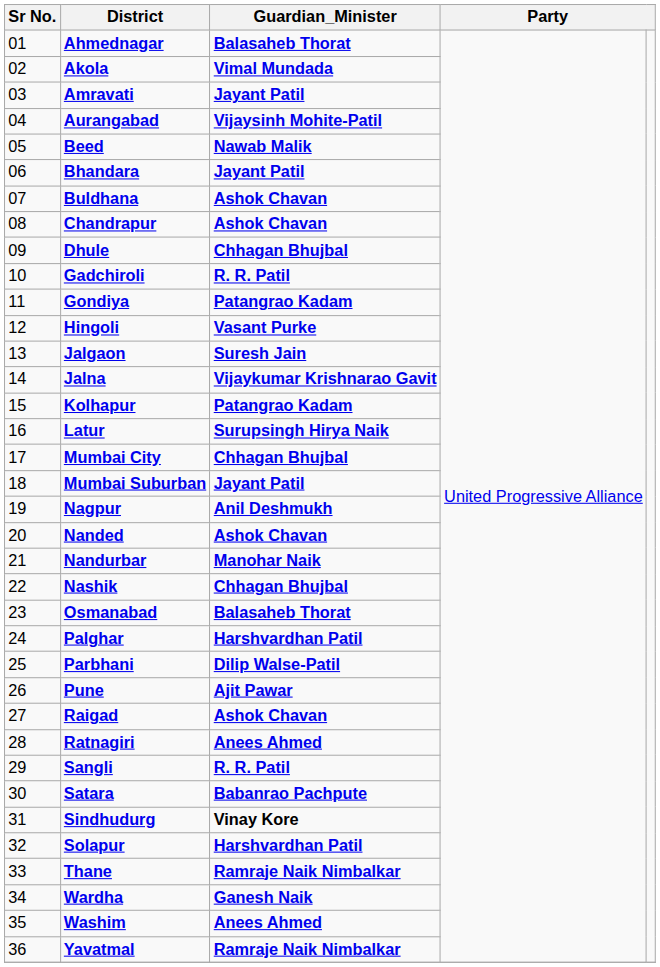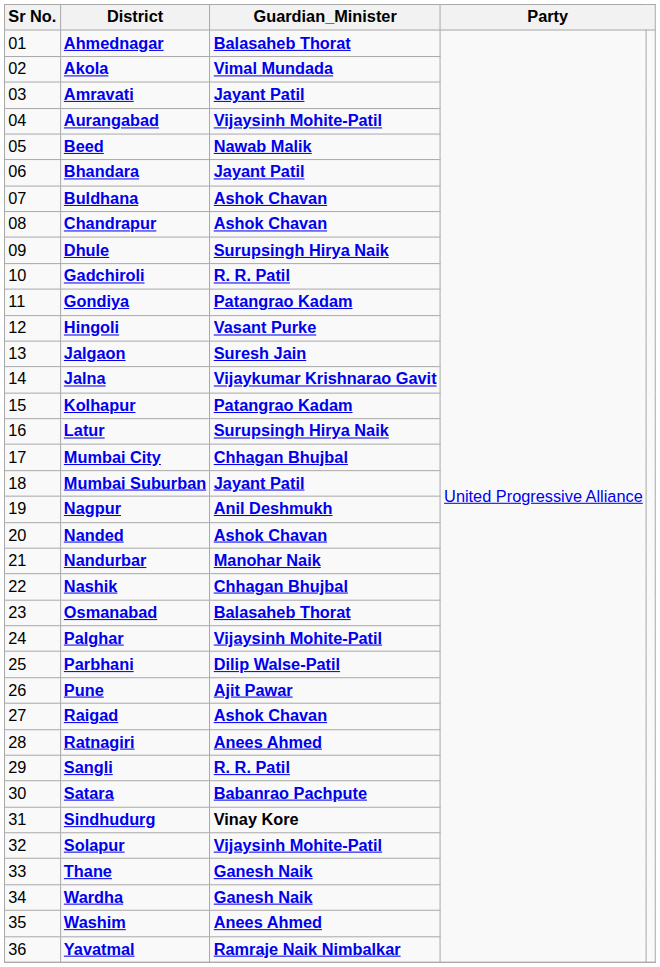 <table class="wikitable">
 <tr>
 <th>Sr No.</th>
 <th>District</th>
 <th>Guardian_Minister</th>
 <th colspan="2" scope="col">Party</th>
 </tr>
 <tr>
 <td>01</td>
 <td><strong><a href='#'>Ahmednagar</a></strong></td>
 <td><strong><a href='#'>Balasaheb Thorat</a></strong></td>
 <td rowspan=36><a href='#'>United Progressive Alliance</a></td>
 <td rowspan=36 style="width:1px; background-color: "></td>
 </tr>
 <tr>
 <td>02</td>
 <td><strong><a href='#'>Akola</a></strong></td>
 <td><strong><a href='#'>Vimal Mundada</a></strong></td>
 </tr>
 <tr>
 <td>03</td>
 <td><strong><a href='#'>Amravati</a></strong></td>
 <td><strong><a href='#'>Jayant Patil</a></strong></td>
 </tr>
 <tr>
 <td>04</td>
 <td><strong><a href='#'>Aurangabad</a></strong></td>
 <td><strong><a href='#'>Vijaysinh Mohite-Patil</a></strong></td>
 </tr>
 <tr>
 <td>05</td>
 <td><strong><a href='#'>Beed</a></strong></td>
 <td><strong><a href='#'>Nawab Malik</a></strong></td>
 </tr>
 <tr>
 <td>06</td>
 <td><strong><a href='#'>Bhandara</a></strong></td>
 <td><strong><a href='#'>Jayant Patil</a></strong></td>
 </tr>
 <tr>
 <td>07</td>
 <td><strong><a href='#'>Buldhana</a></strong></td>
 <td><strong><a href='#'>Ashok Chavan</a></strong></td>
 </tr>
 <tr>
 <td>08</td>
 <td><strong><a href='#'>Chandrapur</a></strong></td>
 <td><strong><a href='#'>Ashok Chavan</a></strong></td>
 </tr>
 <tr>
 <td>09</td>
 <td><strong><a href='#'>Dhule</a></strong></td>
-<td><strong><a href='#'>Chhagan Bhujbal</a></strong></td>
+<td><strong><a href='#'>Surupsingh Hirya Naik</a></strong></td>
 </tr>
 <tr>
 <td>10</td>
 <td><strong><a href='#'>Gadchiroli</a></strong></td>
 <td><strong><a href='#'>R. R. Patil</a></strong> <br></td>
 </tr>
 <tr>
 <td>11</td>
 <td><strong><a href='#'>Gondiya</a></strong></td>
 <td><strong><a href='#'>Patangrao Kadam</a></strong></td>
 </tr>
 <tr>
 <td>12</td>
 <td><strong><a href='#'>Hingoli</a></strong></td>
 <td><strong><a href='#'>Vasant Purke</a></strong></td>
 </tr>
 <tr>
 <td>13</td>
 <td><strong><a href='#'>Jalgaon</a></strong></td>
 <td><strong><a href='#'>Suresh Jain</a></strong></td>
 </tr>
 <tr>
 <td>14</td>
 <td><strong><a href='#'>Jalna</a></strong></td>
 <td><strong><a href='#'>Vijaykumar Krishnarao Gavit</a></strong></td>
 </tr>
 <tr>
 <td>15</td>
 <td><strong><a href='#'>Kolhapur</a></strong></td>
 <td><strong><a href='#'>Patangrao Kadam</a></strong></td>
 </tr>
 <tr>
 <td>16</td>
 <td><strong><a href='#'>Latur</a></strong></td>
 <td><strong><a href='#'>Surupsingh Hirya Naik</a></strong></td>
 </tr>
 <tr>
 <td>17</td>
 <td><strong><a href='#'>Mumbai City</a></strong></td>
 <td><strong><a href='#'>Chhagan Bhujbal</a></strong></td>
 </tr>
 <tr>
 <td>18</td>
 <td><strong><a href='#'>Mumbai Suburban</a></strong></td>
 <td><strong><a href='#'>Jayant Patil</a></strong></td>
 </tr>
 <tr>
 <td>19</td>
 <td><strong><a href='#'>Nagpur</a></strong></td>
 <td><strong><a href='#'>Anil Deshmukh</a></strong></td>
 </tr>
 <tr>
 <td>20</td>
 <td><strong><a href='#'>Nanded</a></strong></td>
 <td><strong><a href='#'>Ashok Chavan</a></strong></td>
 </tr>
 <tr>
 <td>21</td>
 <td><strong><a href='#'>Nandurbar</a></strong></td>
 <td><strong><a href='#'>Manohar Naik</a></strong></td>
 </tr>
 <tr>
 <td>22</td>
 <td><strong><a href='#'>Nashik</a></strong></td>
 <td><strong><a href='#'>Chhagan Bhujbal</a></strong></td>
 </tr>
 <tr>
 <td>23</td>
 <td><strong><a href='#'>Osmanabad</a></strong></td>
 <td><strong><a href='#'>Balasaheb Thorat</a></strong></td>
 </tr>
 <tr>
 <td>24</td>
 <td><strong><a href='#'>Palghar</a></strong></td>
-<td><strong><a href='#'>Harshvardhan Patil</a></strong></td>
+<td><strong><a href='#'>Vijaysinh Mohite-Patil</a></strong></td>
 </tr>
 <tr>
 <td>25</td>
 <td><strong><a href='#'>Parbhani</a></strong></td>
 <td><strong><a href='#'>Dilip Walse-Patil</a></strong></td>
 </tr>
 <tr>
 <td>26</td>
 <td><strong><a href='#'>Pune</a></strong></td>
 <td><strong><a href='#'>Ajit Pawar</a></strong></td>
 </tr>
 <tr>
 <td>27</td>
 <td><strong><a href='#'>Raigad</a></strong></td>
 <td><strong><a href='#'>Ashok Chavan</a></strong></td>
 </tr>
 <tr>
 <td>28</td>
 <td><strong><a href='#'>Ratnagiri</a></strong></td>
 <td><strong><a href='#'>Anees Ahmed</a></strong></td>
 </tr>
 <tr>
 <td>29</td>
 <td><strong><a href='#'>Sangli</a></strong></td>
 <td><strong><a href='#'>R. R. Patil</a></strong> <br></td>
 </tr>
 <tr>
 <td>30</td>
 <td><strong><a href='#'>Satara</a></strong></td>
 <td><strong><a href='#'>Babanrao Pachpute</a></strong></td>
 </tr>
 <tr>
 <td>31</td>
 <td><strong><a href='#'>Sindhudurg</a></strong></td>
 <td><strong>Vinay Kore</strong></td>
 </tr>
 <tr>
 <td>32</td>
 <td><strong><a href='#'>Solapur</a></strong></td>
-<td><strong><a href='#'>Harshvardhan Patil</a></strong></td>
+<td><strong><a href='#'>Vijaysinh Mohite-Patil</a></strong></td>
 </tr>
 <tr>
 <td>33</td>
 <td><strong><a href='#'>Thane</a></strong></td>
-<td><strong><a href='#'>Ramraje Naik Nimbalkar</a></strong></td>
+<td><strong><a href='#'>Ganesh Naik</a></strong></td>
 </tr>
 <tr>
 <td>34</td>
 <td><strong><a href='#'>Wardha</a></strong></td>
 <td><strong><a href='#'>Ganesh Naik</a></strong></td>
 </tr>
 <tr>
 <td>35</td>
 <td><strong><a href='#'>Washim</a></strong></td>
 <td><strong><a href='#'>Anees Ahmed</a></strong></td>
 </tr>
 <tr>
 <td>36</td>
 <td><strong><a href='#'>Yavatmal</a></strong></td>
 <td><strong><a href='#'>Ramraje Naik Nimbalkar</a></strong></td>
 </tr>
 <tr>
 </tr>
 </table>
